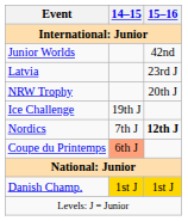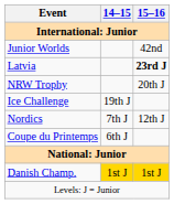 <table class="wikitable" style="text-align:center">
 <tr>
 <th>Event</th>
 <th><a href='#'>14–15</a></th>
 <th><a href='#'>15–16</a></th>
 </tr>
 <tr>
 <th style="background-color: #ffdead;" colspan=3 align="center">International: Junior</th>
 </tr>
 <tr>
 <td align=left><a href='#'>Junior Worlds</a></td>
 <td></td>
 <td>42nd</td>
 </tr>
 <tr>
 <td align=left> <a href='#'>Latvia</a></td>
 <td></td>
-<td>23rd J</td>
+<td><strong>23rd J</strong></td>
 </tr>
 <tr>
 <td align=left><a href='#'>NRW Trophy</a></td>
 <td></td>
 <td>20th J</td>
 </tr>
 <tr>
 <td align=left><a href='#'>Ice Challenge</a></td>
 <td>19th J</td>
 <td></td>
 </tr>
 <tr>
 <td align=left><a href='#'>Nordics</a></td>
 <td>7th J</td>
-<td><strong>12th J</strong></td>
+<td>12th J</td>
 </tr>
 <tr>
 <td align=left><a href='#'>Coupe du Printemps</a></td>
-<td style="background: lightsalmon;">6th J</td>
+<td>6th J</td>
 <td></td>
 </tr>
 <tr>
 <th style="background-color: #ffdead;" colspan=3 align="center">National: Junior</th>
 </tr>
 <tr>
 <td align=left><a href='#'>Danish Champ.</a></td>
 <td bgcolor=gold>1st J</td>
 <td bgcolor=gold>1st J</td>
 </tr>
 <tr>
 <td colspan=8 align="center"><small>Levels: J = Junior</small></td>
 </tr>
 </table>
